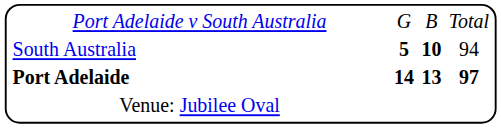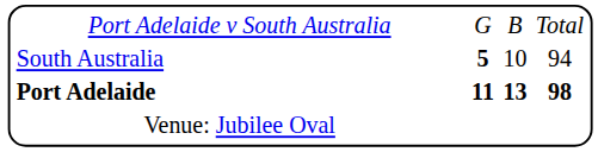 <table style="margin-right:4px; margin-top:8px; margin-left:4px; float:right; border:1px #000 solid; border-radius:8px; background:#fff; font-family:Verdana; font-size:8pt; text-align:center;">
 <tr>
 <td width=200><em><a href='#'>Port Adelaide v South Australia</a></em></td>
 <td><em>G</em></td>
 <td><em>B</em></td>
 <td><em>Total</em></td>
 </tr>
 <tr>
 <td style="text-align:left"><a href='#'>South Australia</a></td>
 <td><strong>5</strong></td>
-<td><strong>10</strong></td>
+<td>10</td>
 <td>94</td>
 </tr>
 <tr>
 <td style="text-align:left"><strong>Port Adelaide</strong></td>
-<td><strong>14</strong></td>
+<td><strong>11</strong></td>
 <td><strong>13</strong></td>
-<td><strong>97</strong></td>
+<td><strong>98</strong></td>
 </tr>
 <tr>
 <td>Venue: <a href='#'>Jubilee Oval</a></td>
 <td colspan=3></td>
 </tr>
 </table>
